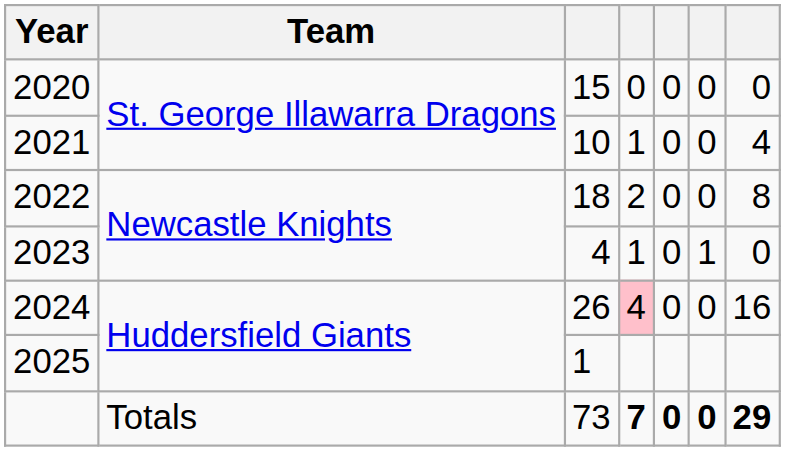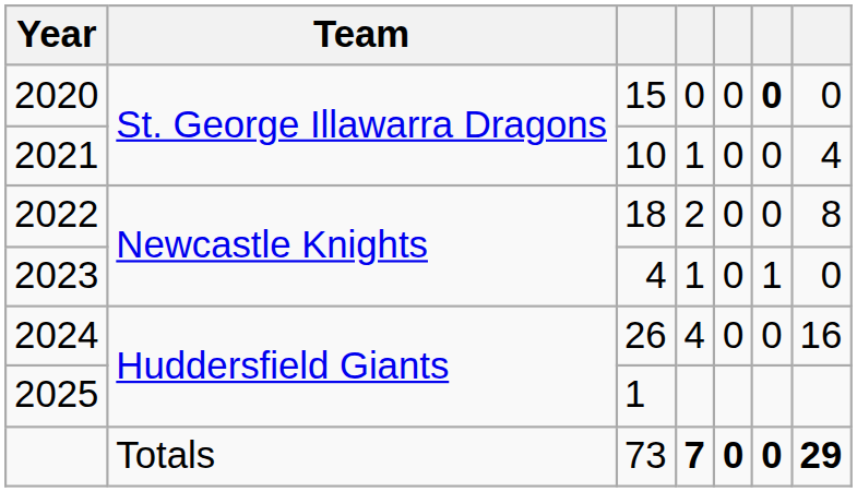 <table class="wikitable">
 <tr>
 <th>Year</th>
 <th>Team</th>
 <th></th>
 <th></th>
 <th></th>
 <th></th>
 <th></th>
 </tr>
 <tr>
 <td>2020</td>
 <td rowspan="2"> <a href='#'>St. George Illawarra Dragons</a></td>
 <td align=right>15</td>
 <td align=right>0</td>
 <td align=right>0</td>
-<td align=right>0</td>
+<td align=right><strong>0</strong></td>
 <td align=right>0</td>
 </tr>
 <tr>
 <td>2021</td>
 <td align=right>10</td>
 <td align=right>1</td>
 <td align=right>0</td>
 <td align=right>0</td>
 <td align=right>4</td>
 </tr>
 <tr>
 <td>2022</td>
 <td rowspan="2"> <a href='#'>Newcastle Knights</a></td>
 <td align=right>18</td>
 <td align=right>2</td>
 <td align=right>0</td>
 <td align=right>0</td>
 <td align=right>8</td>
 </tr>
 <tr>
 <td>2023</td>
 <td align=right>4</td>
 <td align=right>1</td>
 <td align=right>0</td>
 <td align=right>1</td>
 <td align=right>0</td>
 </tr>
 <tr>
 <td>2024</td>
 <td rowspan="2"> <a href='#'>Huddersfield Giants</a></td>
 <td align=right>26</td>
-<td align=right style="background: pink;">4</td>
+<td align=right>4</td>
 <td align=right>0</td>
 <td align=right>0</td>
 <td align=right>16</td>
 </tr>
 <tr>
 <td>2025</td>
 <td>1</td>
 <td></td>
 <td></td>
 <td></td>
 <td></td>
 </tr>
 <tr>
 <td></td>
 <td>Totals</td>
 <td align="right">73</td>
 <td align="right"><strong>7</strong></td>
 <td align="right"><strong>0</strong></td>
 <td align="right"><strong>0</strong></td>
 <td align="right"><strong>29</strong></td>
 </tr>
 </table>
